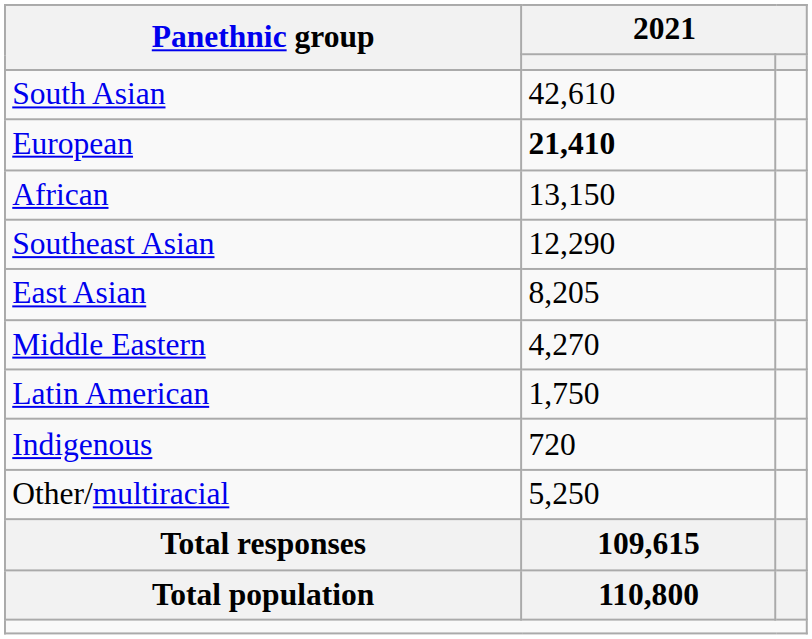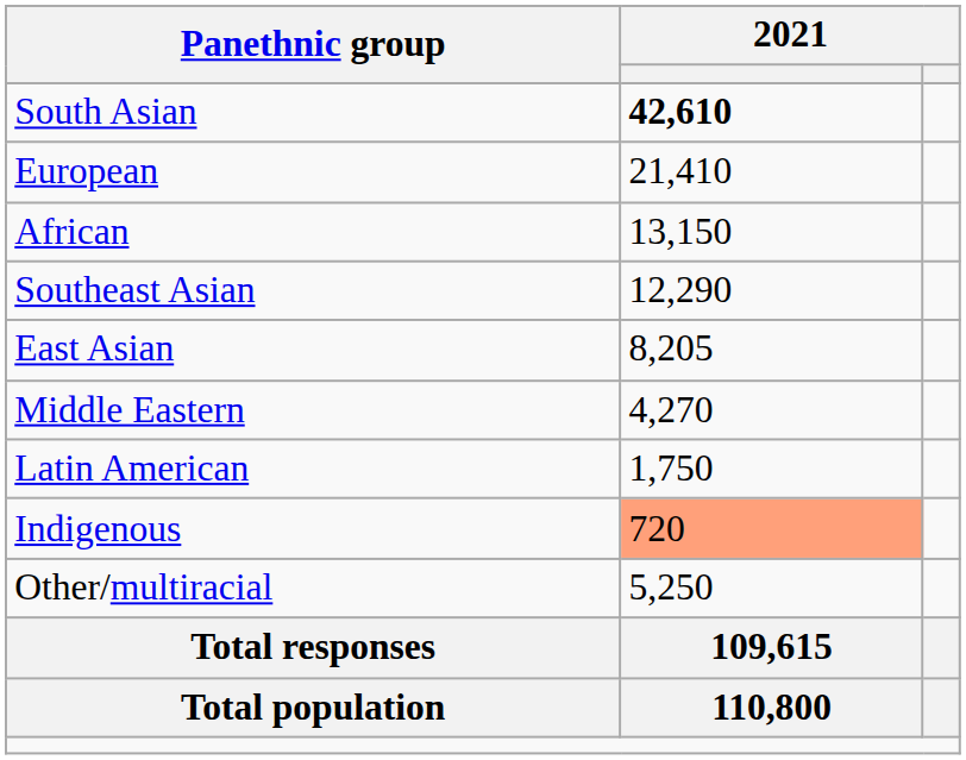 <table class="wikitable collapsible sortable">
 <tr>
 <th rowspan="2"><a href='#'>Panethnic</a> group</th>
 <th colspan="2">2021</th>
 </tr>
 <tr>
 <th><a href='#'></a></th>
 <th></th>
 </tr>
 <tr>
 <td><a href='#'>South Asian</a></td>
-<td>42,610</td>
+<td><strong>42,610</strong></td>
 <td></td>
 </tr>
 <tr>
 <td><a href='#'>European</a></td>
-<td><strong>21,410</strong></td>
+<td>21,410</td>
 <td></td>
 </tr>
 <tr>
 <td><a href='#'>African</a></td>
 <td>13,150</td>
 <td></td>
 </tr>
 <tr>
 <td><a href='#'>Southeast Asian</a></td>
 <td>12,290</td>
 <td></td>
 </tr>
 <tr>
 <td><a href='#'>East Asian</a></td>
 <td>8,205</td>
 <td></td>
 </tr>
 <tr>
 <td><a href='#'>Middle Eastern</a></td>
 <td>4,270</td>
 <td></td>
 </tr>
 <tr>
 <td><a href='#'>Latin American</a></td>
 <td>1,750</td>
 <td></td>
 </tr>
 <tr>
 <td><a href='#'>Indigenous</a></td>
-<td>720</td>
+<td style="background: lightsalmon;">720</td>
 <td></td>
 </tr>
 <tr>
 <td>Other/<a href='#'>multiracial</a></td>
 <td>5,250</td>
 <td></td>
 </tr>
 <tr>
 <th>Total responses</th>
 <th>109,615</th>
 <th></th>
 </tr>
 <tr class="sortbottom">
 <th>Total population</th>
 <th>110,800</th>
 <th></th>
 </tr>
 <tr class="sortbottom">
 <td colspan="15" style="width: 25em;"></td>
 </tr>
 </table>
